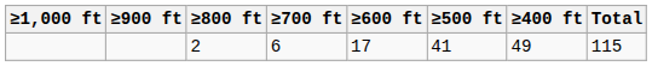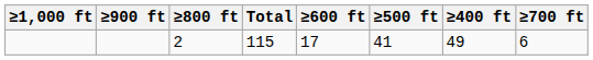 <table class="wikitable">
 <tr>
 <th>≥1,000 ft</th>
 <th>≥900 ft</th>
 <th>≥800 ft</th>
-<th>≥700 ft</th>
+<th>Total</th>
 <th>≥600 ft</th>
 <th>≥500 ft</th>
 <th>≥400 ft</th>
-<th>Total</th>
+<th>≥700 ft</th>
 </tr>
 <tr>
 <td></td>
 <td></td>
 <td>2</td>
-<td>6</td>
+<td>115</td>
 <td>17</td>
 <td>41</td>
 <td>49</td>
-<td>115</td>
+<td>6</td>
 </tr>
 </table>
